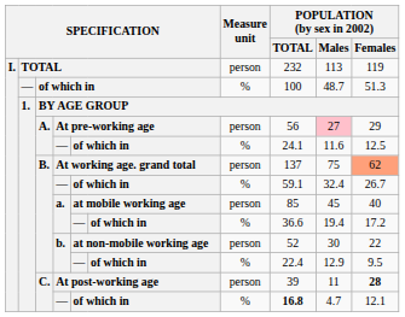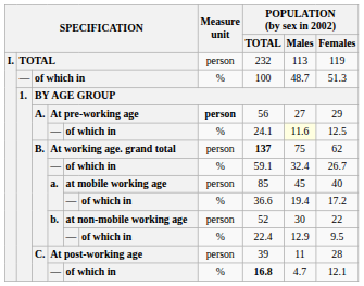 <table class="wikitable" style="font-size:85%; text-align:center">
 <tr>
 <th rowspan="2" colspan="6">SPECIFICATION</th>
 <th rowspan="2">Measure<br> unit</th>
 <th colspan="3" rowspan="1">POPULATION<br> (by sex in 2002)</th>
 </tr>
 <tr>
 <th>TOTAL</th>
 <th>Males</th>
 <th>Females</th>
 </tr>
 <tr>
 <th style="text-align:left" valign="top" rowspan="13">I.</th>
 <th style="text-align:left" colspan="5">TOTAL</th>
 <td>person</td>
 <td>232</td>
 <td>113</td>
 <td>119</td>
 </tr>
 <tr>
 <th style="text-align:left" valign="top">—</th>
 <th style="text-align:left" colspan="4">of which in</th>
 <td>%</td>
 <td>100</td>
 <td>48.7</td>
 <td>51.3</td>
 </tr>
 <tr>
 <th style="text-align:left" valign="top" rowspan="11">1.</th>
 <th style="text-align:left" colspan="19">BY AGE GROUP</th>
 </tr>
 <tr>
 <th style="text-align:left" valign="top" rowspan="2">A.</th>
 <th style="text-align:left" colspan="3">At pre-working age</th>
-<td>person</td>
+<td><strong>person</strong></td>
 <td>56</td>
-<td style="background: pink;">27</td>
+<td>27</td>
 <td>29</td>
 </tr>
 <tr>
 <th style="text-align:left" valign="top">—</th>
 <th style="text-align:left" valign="top" colspan="2">of which in</th>
 <td>%</td>
 <td>24.1</td>
-<td>11.6</td>
+<td style="background: lightyellow;">11.6</td>
 <td>12.5</td>
 </tr>
 <tr>
 <th style="text-align:left" valign="top" rowspan="6">B.</th>
 <th style="text-align:left" colspan="3">At working age. grand total</th>
 <td>person</td>
-<td>137</td>
+<td><strong>137</strong></td>
 <td>75</td>
-<td style="background: lightsalmon;">62</td>
+<td>62</td>
 </tr>
 <tr>
 <th style="text-align:left" valign="top">—</th>
 <th style="text-align:left" valign="top" colspan="2">of which in</th>
 <td>%</td>
 <td>59.1</td>
 <td>32.4</td>
 <td>26.7</td>
 </tr>
 <tr>
 <th style="text-align:left" valign="top" rowspan="2">a.</th>
 <th style="text-align:left" colspan="2">at mobile working age</th>
 <td>person</td>
 <td>85</td>
 <td>45</td>
 <td>40</td>
 </tr>
 <tr>
 <th style="text-align:left" valign="top">—</th>
 <th style="text-align:left" valign="top" colspan="1">of which in                        </th>
 <td>%</td>
 <td>36.6</td>
 <td>19.4</td>
 <td>17.2</td>
 </tr>
 <tr>
 <th style="text-align:left" valign="top" rowspan="2">b.</th>
 <th style="text-align:left" colspan="2">at non-mobile working age</th>
 <td>person</td>
 <td>52</td>
 <td>30</td>
 <td>22</td>
 </tr>
 <tr>
 <th style="text-align:left" valign="top">—</th>
 <th style="text-align:left" valign="top" colspan="1">of which in                        </th>
 <td>%</td>
 <td>22.4</td>
 <td>12.9</td>
 <td>9.5</td>
 </tr>
 <tr>
 <th style="text-align:left" valign="top" rowspan="2">C.</th>
 <th style="text-align:left" colspan="3">At post-working age</th>
 <td>person</td>
 <td>39</td>
 <td>11</td>
-<td><strong>28</strong></td>
+<td>28</td>
 </tr>
 <tr>
 <th style="text-align:left" valign="top">—</th>
 <th style="text-align:left" valign="top" colspan="2">of which in</th>
 <td>%</td>
 <td><strong>16.8</strong></td>
 <td>4.7</td>
 <td>12.1</td>
 </tr>
 </table>
